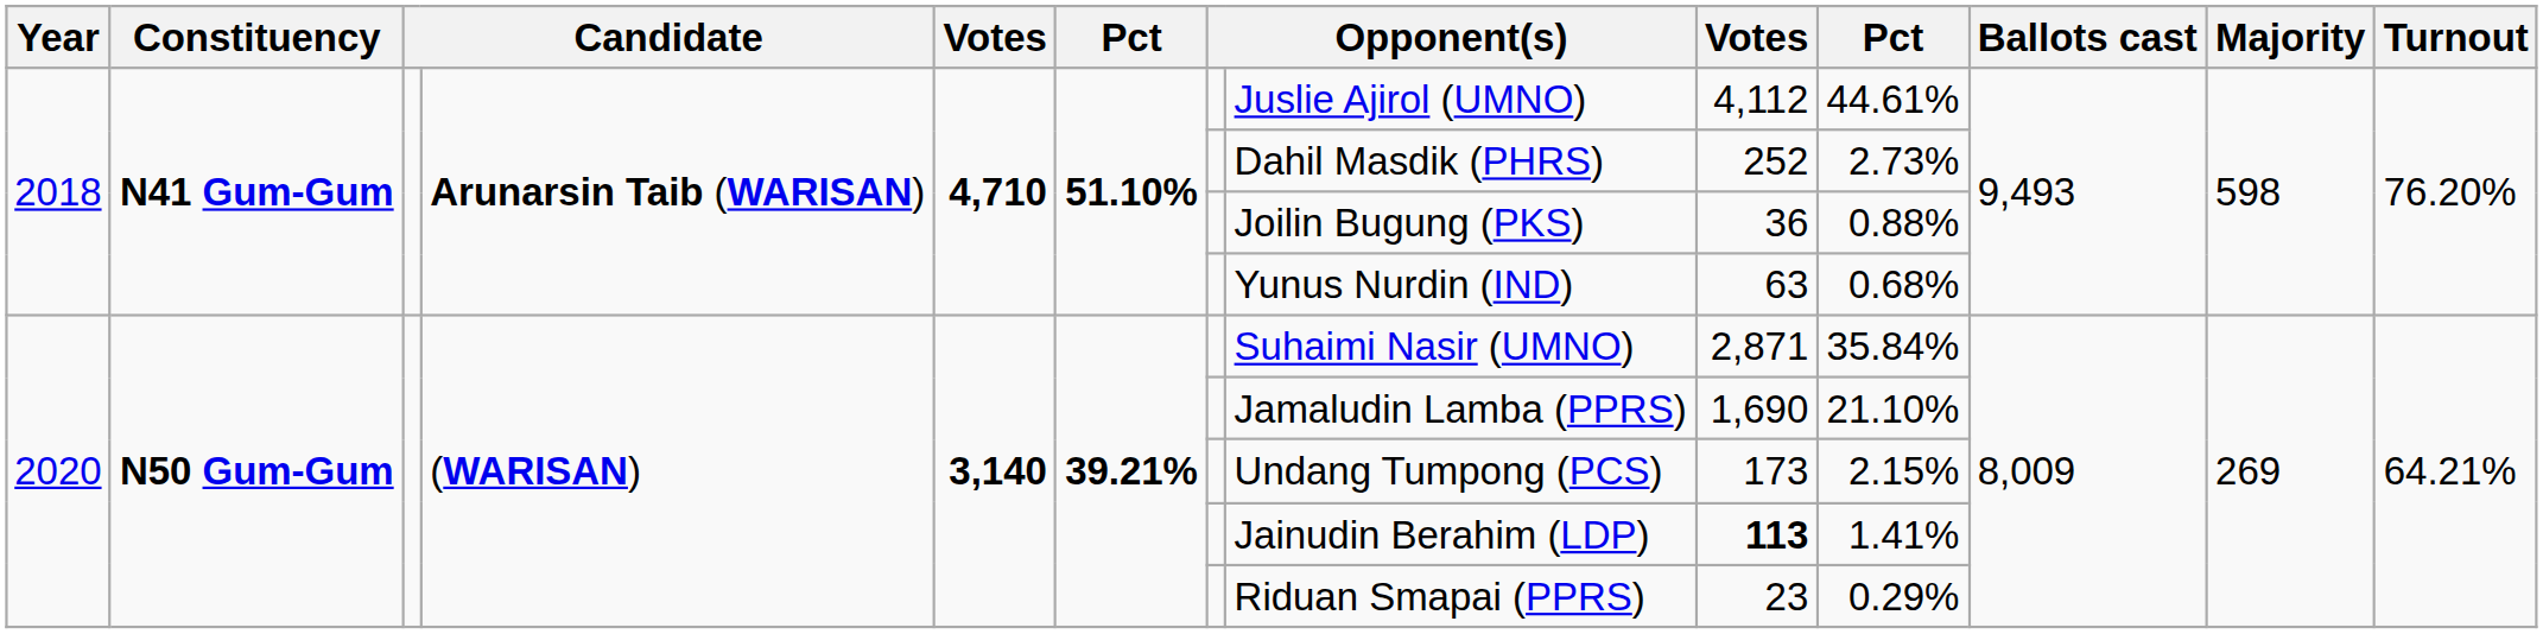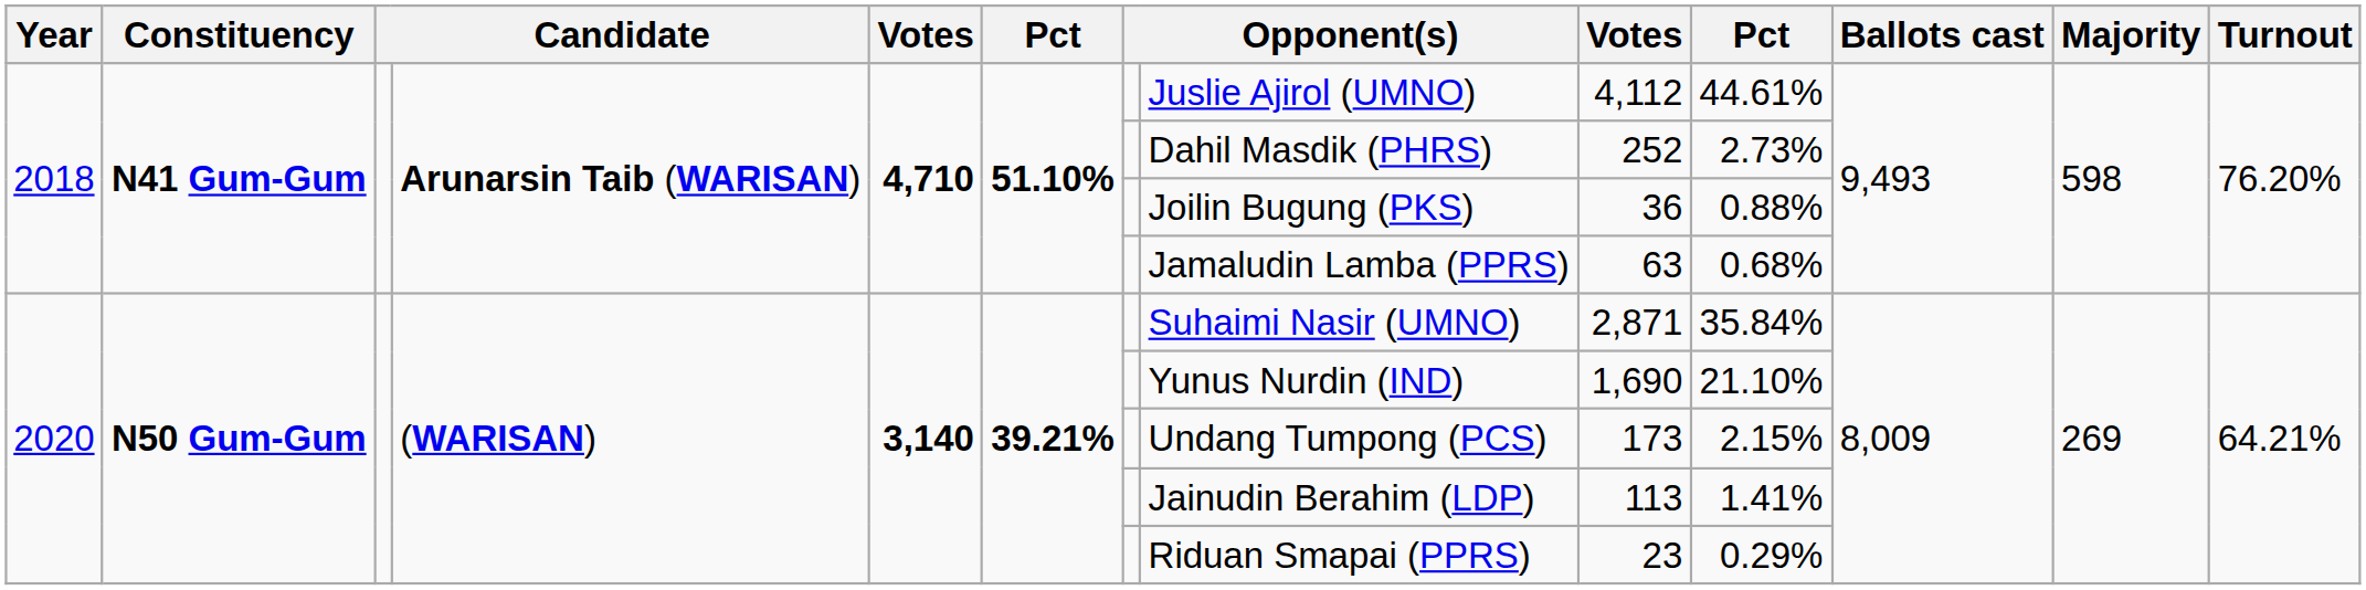 <table class="wikitable" style="margin:0.5em ; font-size:95%">
 <tr>
 <th>Year</th>
 <th>Constituency</th>
 <th colspan=2>Candidate</th>
 <th>Votes</th>
 <th>Pct</th>
 <th colspan=2>Opponent(s)</th>
 <th>Votes</th>
 <th>Pct</th>
 <th>Ballots cast</th>
 <th>Majority</th>
 <th>Turnout</th>
 </tr>
 <tr>
 <td rowspan=4><a href='#'>2018</a></td>
 <td rowspan=4><strong>N41 <a href='#'>Gum-Gum</a></strong></td>
 <td rowspan=4 ></td>
 <td rowspan=4><strong>Arunarsin Taib</strong> (<a href='#'><strong>WARISAN</strong></a>)</td>
 <td rowspan=4 align="right"><strong>4,710</strong></td>
 <td rowspan=4><strong>51.10%</strong></td>
 <td></td>
 <td><a href='#'>Juslie Ajirol</a> (<a href='#'>UMNO</a>)</td>
 <td align="right">4,112</td>
 <td>44.61%</td>
 <td rowspan=4>9,493</td>
 <td rowspan=4>598</td>
 <td rowspan=4>76.20%</td>
 </tr>
 <tr>
 <td></td>
 <td>Dahil Masdik (<a href='#'>PHRS</a>)</td>
 <td align="right">252</td>
 <td align="right">2.73%</td>
 </tr>
 <tr>
 <td></td>
 <td>Joilin Bugung (<a href='#'>PKS</a>)</td>
 <td align="right">36</td>
 <td align="right">0.88%</td>
 </tr>
 <tr>
 <td></td>
-<td>Yunus Nurdin (<a href='#'>IND</a>)</td>
+<td>Jamaludin Lamba (<a href='#'>PPRS</a>)</td>
 <td align="right">63</td>
 <td align="right">0.68%</td>
 </tr>
 <tr>
 <td rowspan=5><a href='#'>2020</a></td>
 <td rowspan=5><strong>N50 <a href='#'>Gum-Gum</a></strong></td>
 <td rowspan=5 ></td>
 <td rowspan=5> (<a href='#'><strong>WARISAN</strong></a>)</td>
 <td rowspan=5 align="right"><strong>3,140</strong></td>
 <td rowspan=5><strong>39.21%</strong></td>
 <td></td>
 <td><a href='#'>Suhaimi Nasir</a> (<a href='#'>UMNO</a>)</td>
 <td align="right">2,871</td>
 <td>35.84%</td>
 <td rowspan=5>8,009</td>
 <td rowspan=5>269</td>
 <td rowspan=5>64.21%</td>
 </tr>
 <tr>
 <td></td>
-<td>Jamaludin Lamba (<a href='#'>PPRS</a>)</td>
+<td>Yunus Nurdin (<a href='#'>IND</a>)</td>
 <td align="right">1,690</td>
 <td>21.10%</td>
 </tr>
 <tr>
 <td></td>
 <td>Undang Tumpong (<a href='#'>PCS</a>)</td>
 <td align="right">173</td>
 <td align="right">2.15%</td>
 </tr>
 <tr>
 <td></td>
 <td>Jainudin Berahim (<a href='#'>LDP</a>)</td>
-<td align="right"><strong>113</strong></td>
+<td align="right">113</td>
 <td align="right">1.41%</td>
 </tr>
 <tr>
 <td></td>
 <td>Riduan Smapai (<a href='#'>PPRS</a>)</td>
 <td align="right">23</td>
 <td align="right">0.29%</td>
 </tr>
 </table>
